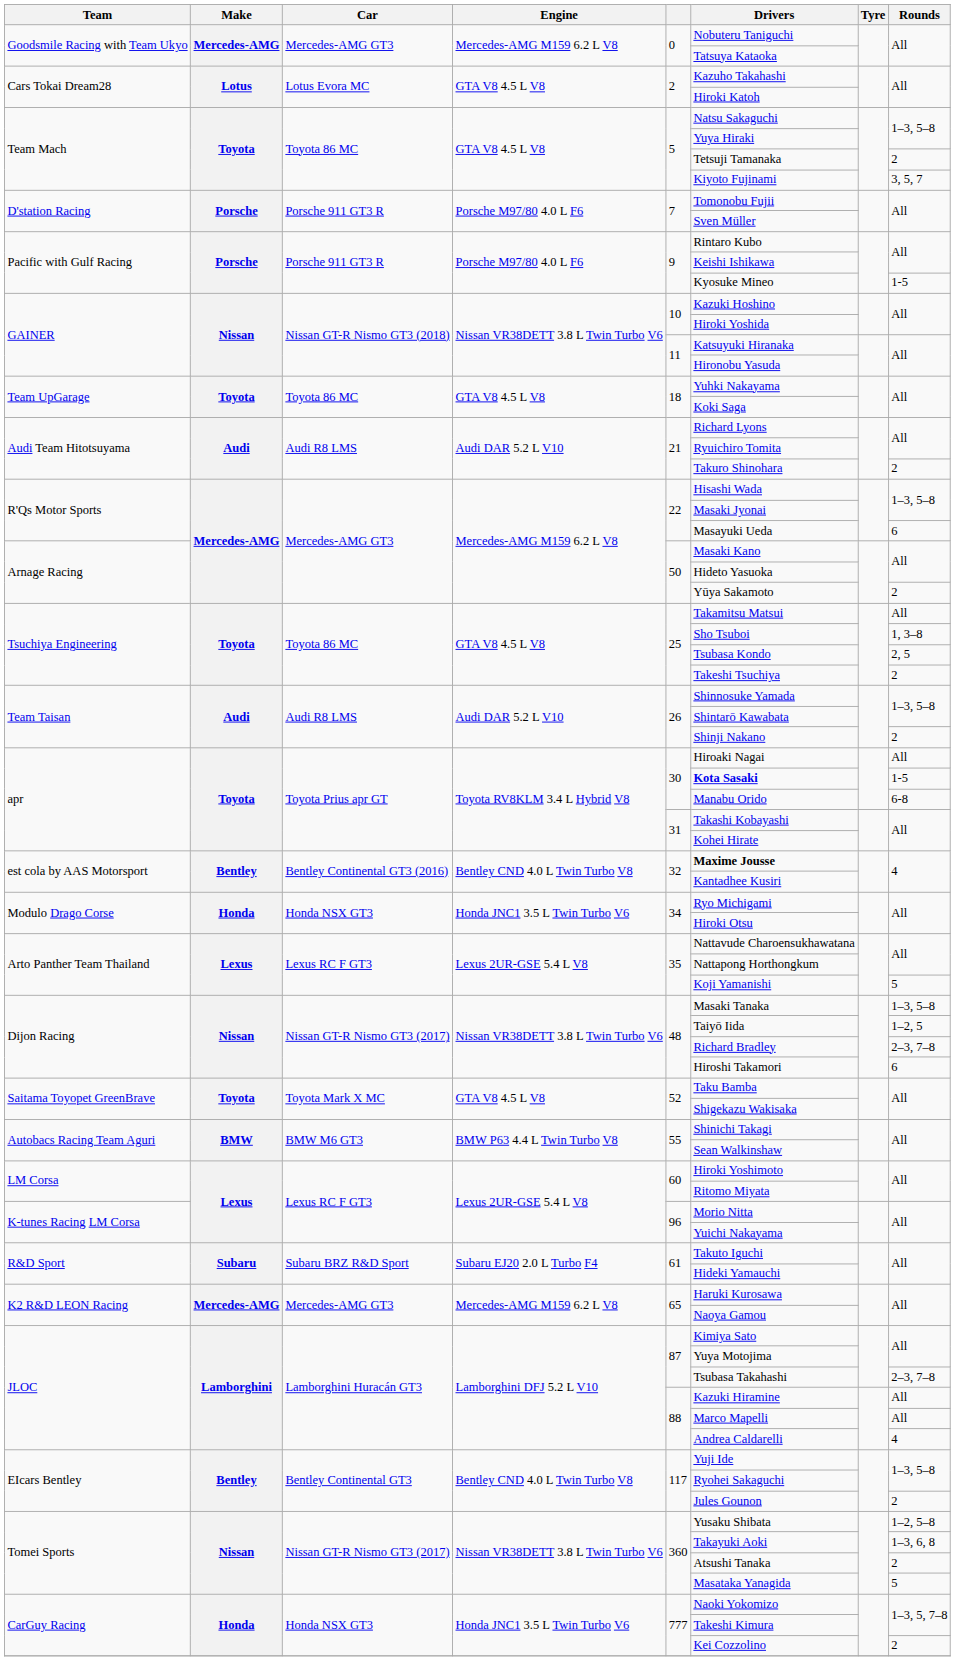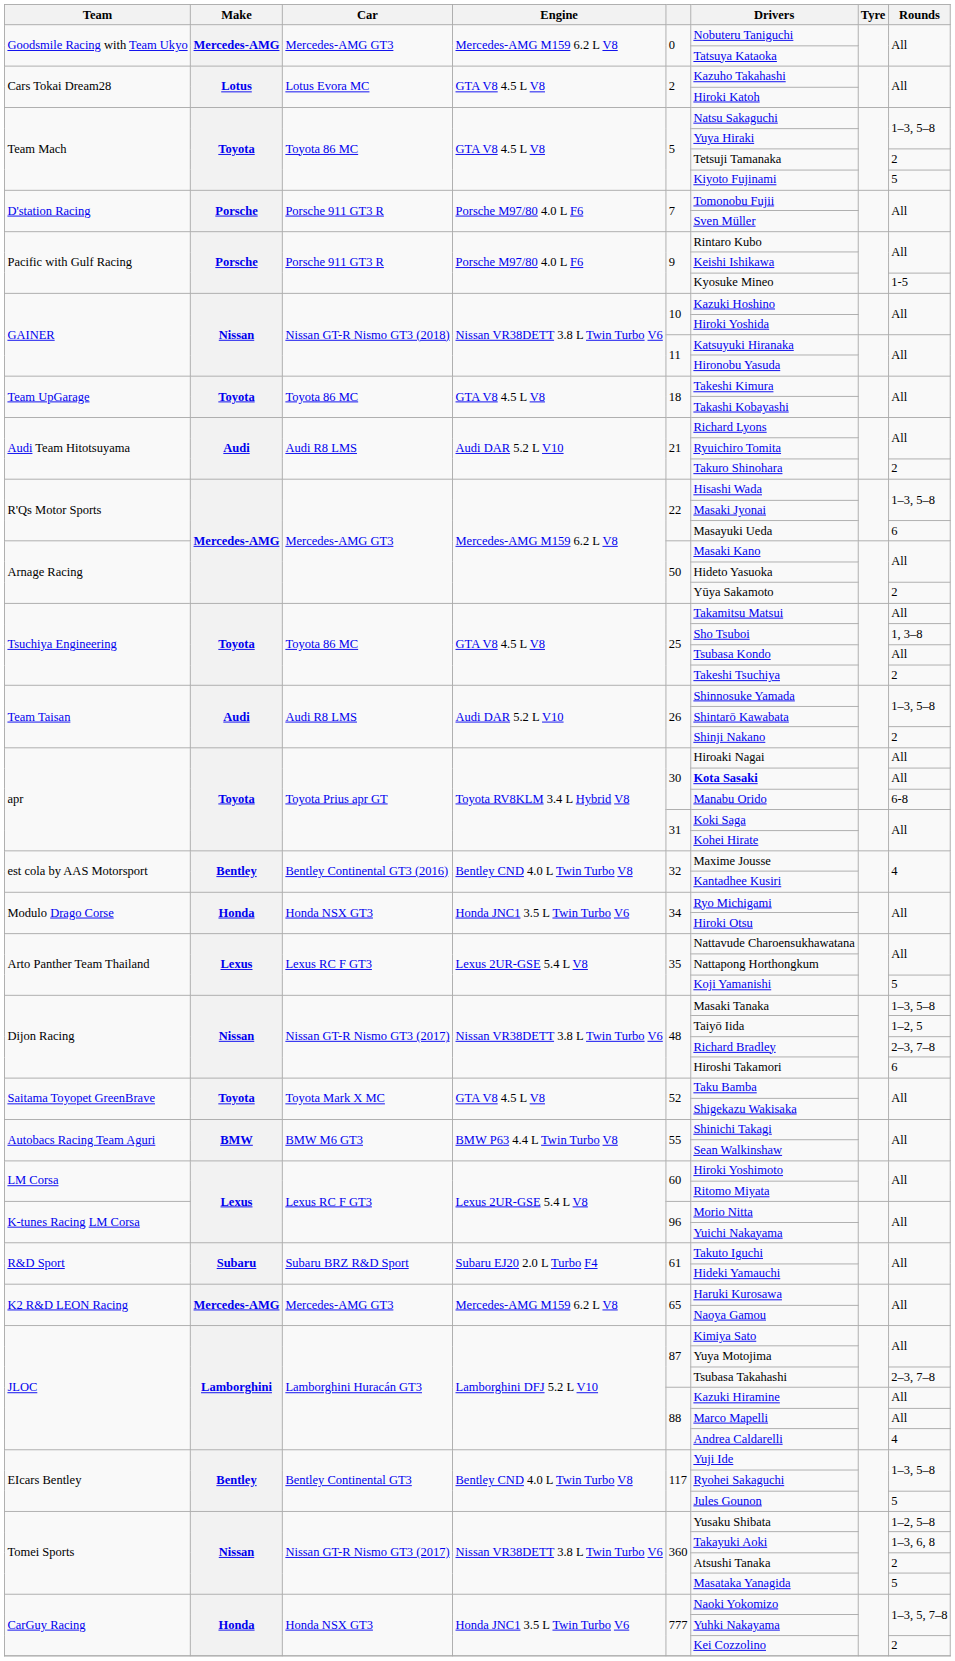 <table class="wikitable" style="font-size: 85%">
 <tr>
 <th>Team</th>
 <th>Make</th>
 <th>Car</th>
 <th>Engine</th>
 <th></th>
 <th>Drivers</th>
 <th>Tyre</th>
 <th>Rounds</th>
 </tr>
 <tr>
 <td rowspan="2"> <a href='#'>Goodsmile Racing</a> with <a href='#'>Team Ukyo</a></td>
 <th rowspan="2"><a href='#'>Mercedes-AMG</a></th>
 <td rowspan="2"><a href='#'>Mercedes-AMG GT3</a></td>
 <td rowspan="2"><a href='#'>Mercedes-AMG M159</a> 6.2 L <a href='#'>V8</a></td>
 <td rowspan="2">0</td>
 <td> <a href='#'>Nobuteru Taniguchi</a></td>
 <td rowspan="2" align=center></td>
 <td rowspan="2">All</td>
 </tr>
 <tr>
 <td> <a href='#'>Tatsuya Kataoka</a></td>
 </tr>
 <tr>
 <td rowspan="2"> Cars Tokai Dream28</td>
 <th rowspan="2"><a href='#'>Lotus</a></th>
 <td rowspan="2"><a href='#'>Lotus Evora MC</a></td>
 <td rowspan="2"><a href='#'>GTA V8</a> 4.5 L <a href='#'>V8</a></td>
 <td rowspan="2">2</td>
 <td> <a href='#'>Kazuho Takahashi</a></td>
 <td rowspan="2" align=center></td>
 <td rowspan="2">All</td>
 </tr>
 <tr>
 <td> <a href='#'>Hiroki Katoh</a></td>
 </tr>
 <tr>
 <td rowspan="4"> Team Mach</td>
 <th rowspan="4"><a href='#'>Toyota</a></th>
 <td rowspan="4"><a href='#'>Toyota 86 MC</a></td>
 <td rowspan="4"><a href='#'>GTA V8</a> 4.5 L <a href='#'>V8</a></td>
 <td rowspan="4">5</td>
 <td> <a href='#'>Natsu Sakaguchi</a></td>
 <td rowspan="4" align="center"></td>
 <td rowspan="2">1–3, 5–8</td>
 </tr>
 <tr>
 <td> <a href='#'>Yuya Hiraki</a></td>
 </tr>
 <tr>
 <td> Tetsuji Tamanaka</td>
 <td>2</td>
 </tr>
 <tr>
 <td> <a href='#'>Kiyoto Fujinami</a></td>
-<td>3, 5, 7</td>
+<td>5</td>
 </tr>
 <tr>
 <td rowspan="2"> <a href='#'>D'station Racing</a></td>
 <th rowspan="2"><a href='#'>Porsche</a></th>
 <td rowspan="2"><a href='#'>Porsche 911 GT3 R</a></td>
 <td rowspan="2"><a href='#'>Porsche M97/80</a> 4.0 L <a href='#'>F6</a></td>
 <td rowspan="2">7</td>
 <td> <a href='#'>Tomonobu Fujii</a></td>
 <td rowspan="2" align="center"></td>
 <td rowspan="2">All</td>
 </tr>
 <tr>
 <td> <a href='#'>Sven Müller</a></td>
 </tr>
 <tr>
 <td rowspan="3"> Pacific with Gulf Racing</td>
 <th rowspan="3"><a href='#'>Porsche</a></th>
 <td rowspan="3"><a href='#'>Porsche 911 GT3 R</a></td>
 <td rowspan="3"><a href='#'>Porsche M97/80</a> 4.0 L <a href='#'>F6</a></td>
 <td rowspan="3">9</td>
 <td> Rintaro Kubo</td>
 <td rowspan="3" align="center"></td>
 <td rowspan="2">All</td>
 </tr>
 <tr>
 <td> <a href='#'>Keishi Ishikawa</a></td>
 </tr>
 <tr>
 <td> Kyosuke Mineo</td>
 <td>1-5</td>
 </tr>
 <tr>
 <td rowspan="4"> <a href='#'>GAINER</a></td>
 <th rowspan="4"><a href='#'>Nissan</a></th>
 <td rowspan="4"><a href='#'>Nissan GT-R Nismo GT3 (2018)</a></td>
 <td rowspan="4"><a href='#'>Nissan VR38DETT</a> 3.8 L <a href='#'>Twin Turbo</a> <a href='#'>V6</a></td>
 <td rowspan="2">10</td>
 <td> <a href='#'>Kazuki Hoshino</a></td>
 <td rowspan="2" align=center></td>
 <td rowspan="2">All</td>
 </tr>
 <tr>
 <td> <a href='#'>Hiroki Yoshida</a></td>
 </tr>
 <tr>
 <td rowspan="2">11</td>
 <td> <a href='#'>Katsuyuki Hiranaka</a></td>
 <td rowspan=2 align=center></td>
 <td rowspan="2">All</td>
 </tr>
 <tr>
 <td> <a href='#'>Hironobu Yasuda</a></td>
 </tr>
 <tr>
 <td rowspan="2"> <a href='#'>Team UpGarage</a></td>
 <th rowspan="2"><a href='#'>Toyota</a></th>
 <td rowspan="2"><a href='#'>Toyota 86 MC</a></td>
 <td rowspan="2"><a href='#'>GTA V8</a> 4.5 L <a href='#'>V8</a></td>
 <td rowspan="2">18</td>
-<td> <a href='#'>Yuhki Nakayama</a></td>
+<td> <a href='#'>Takeshi Kimura</a></td>
 <td rowspan="2" align="center"></td>
 <td rowspan="2">All</td>
 </tr>
 <tr>
-<td> <a href='#'>Koki Saga</a></td>
+<td> <a href='#'>Takashi Kobayashi</a></td>
 </tr>
 <tr>
 <td rowspan="3"> <a href='#'>Audi</a> Team Hitotsuyama</td>
 <th rowspan="3"><a href='#'>Audi</a></th>
 <td rowspan="3"><a href='#'>Audi R8 LMS</a></td>
 <td rowspan="3"><a href='#'>Audi DAR</a> 5.2 L <a href='#'>V10</a></td>
 <td rowspan="3">21</td>
 <td> <a href='#'>Richard Lyons</a></td>
 <td rowspan="3" align="center"></td>
 <td rowspan="2">All</td>
 </tr>
 <tr>
 <td> <a href='#'>Ryuichiro Tomita</a></td>
 </tr>
 <tr>
 <td> <a href='#'>Takuro Shinohara</a></td>
 <td>2</td>
 </tr>
 <tr>
 <td rowspan="3"> R'Qs Motor Sports</td>
 <th rowspan="6"><a href='#'>Mercedes-AMG</a></th>
 <td rowspan="6"><a href='#'>Mercedes-AMG GT3</a></td>
 <td rowspan="6"><a href='#'>Mercedes-AMG M159</a> 6.2 L <a href='#'>V8</a></td>
 <td rowspan="3">22</td>
 <td> <a href='#'>Hisashi Wada</a></td>
 <td rowspan="3" align="center"></td>
 <td rowspan="2">1–3, 5–8</td>
 </tr>
 <tr>
 <td> <a href='#'>Masaki Jyonai</a></td>
 </tr>
 <tr>
 <td> Masayuki Ueda</td>
 <td>6</td>
 </tr>
 <tr>
 <td rowspan="3"> Arnage Racing</td>
 <td rowspan="3">50</td>
 <td> <a href='#'>Masaki Kano</a></td>
 <td rowspan="3" align="center"></td>
 <td rowspan="2">All</td>
 </tr>
 <tr>
 <td> Hideto Yasuoka</td>
 </tr>
 <tr>
 <td> Yūya Sakamoto</td>
 <td>2</td>
 </tr>
 <tr>
 <td rowspan="4"> <a href='#'>Tsuchiya Engineering</a></td>
 <th rowspan="4"><a href='#'>Toyota</a></th>
 <td rowspan="4"><a href='#'>Toyota 86 MC</a></td>
 <td rowspan="4"><a href='#'>GTA V8</a> 4.5 L <a href='#'>V8</a></td>
 <td rowspan="4">25</td>
 <td> <a href='#'>Takamitsu Matsui</a></td>
 <td rowspan="4" align="center"></td>
 <td>All</td>
 </tr>
 <tr>
 <td> <a href='#'>Sho Tsuboi</a></td>
 <td>1, 3–8</td>
 </tr>
 <tr>
 <td> <a href='#'>Tsubasa Kondo</a></td>
-<td>2, 5</td>
+<td>All</td>
 </tr>
 <tr>
 <td> <a href='#'>Takeshi Tsuchiya</a></td>
 <td>2</td>
 </tr>
 <tr>
 <td rowspan="3"> <a href='#'>Team Taisan</a></td>
 <th rowspan="3"><a href='#'>Audi</a></th>
 <td rowspan="3"><a href='#'>Audi R8 LMS</a></td>
 <td rowspan="3"><a href='#'>Audi DAR</a> 5.2 L <a href='#'>V10</a></td>
 <td rowspan="3">26</td>
 <td> <a href='#'>Shinnosuke Yamada</a></td>
 <td rowspan="3" align="center"></td>
 <td rowspan="2">1–3, 5–8</td>
 </tr>
 <tr>
 <td> <a href='#'>Shintarō Kawabata</a></td>
 </tr>
 <tr>
 <td> <a href='#'>Shinji Nakano</a></td>
 <td>2</td>
 </tr>
 <tr>
 <td rowspan="5"> apr</td>
 <th rowspan="5"><a href='#'>Toyota</a></th>
 <td rowspan="5"><a href='#'>Toyota Prius apr GT</a></td>
 <td rowspan="5"><a href='#'>Toyota RV8KLM</a> 3.4 L <a href='#'>Hybrid</a> <a href='#'>V8</a></td>
 <td rowspan="3">30</td>
 <td> Hiroaki Nagai</td>
 <td rowspan="3" align="center"></td>
 <td>All</td>
 </tr>
 <tr>
 <td><strong> <a href='#'>Kota Sasaki</a></strong></td>
-<td>1-5</td>
+<td>All</td>
 </tr>
 <tr>
 <td> <a href='#'>Manabu Orido</a></td>
 <td>6-8</td>
 </tr>
 <tr>
 <td rowspan=2>31</td>
-<td> <a href='#'>Takashi Kobayashi</a></td>
+<td> <a href='#'>Koki Saga</a></td>
 <td rowspan=2 align=center></td>
 <td rowspan="2">All</td>
 </tr>
 <tr>
 <td> <a href='#'>Kohei Hirate</a></td>
 </tr>
 <tr>
 <td rowspan=2> est cola by AAS Motorsport</td>
 <th rowspan="2"><a href='#'>Bentley</a></th>
 <td rowspan="2"><a href='#'>Bentley Continental GT3 (2016)</a></td>
 <td rowspan="2"><a href='#'>Bentley CND</a> 4.0 L <a href='#'>Twin Turbo</a> <a href='#'>V8</a></td>
 <td rowspan=2>32</td>
-<td><strong> Maxime Jousse</strong></td>
+<td> Maxime Jousse</td>
 <td rowspan=2 align=center></td>
 <td rowspan="2">4</td>
 </tr>
 <tr>
 <td> <a href='#'>Kantadhee Kusiri</a></td>
 </tr>
 <tr>
 <td rowspan=2> Modulo <a href='#'>Drago Corse</a></td>
 <th rowspan=2><a href='#'>Honda</a></th>
 <td rowspan=2><a href='#'>Honda NSX GT3</a></td>
 <td rowspan=2><a href='#'>Honda JNC1</a> 3.5 L <a href='#'>Twin Turbo</a> <a href='#'>V6</a></td>
 <td rowspan=2>34</td>
 <td> <a href='#'>Ryo Michigami</a></td>
 <td rowspan=2 align=center></td>
 <td rowspan="2">All</td>
 </tr>
 <tr>
 <td> <a href='#'>Hiroki Otsu</a></td>
 </tr>
 <tr>
 <td rowspan="3"> Arto Panther Team Thailand</td>
 <th rowspan="3"><a href='#'>Lexus</a></th>
 <td rowspan="3"><a href='#'>Lexus RC F GT3</a></td>
 <td rowspan="3"><a href='#'>Lexus 2UR-GSE</a> 5.4 L <a href='#'>V8</a></td>
 <td rowspan="3">35</td>
 <td> Nattavude Charoensukhawatana</td>
 <td rowspan="3" align="center"></td>
 <td rowspan="2">All</td>
 </tr>
 <tr>
 <td> Nattapong Horthongkum</td>
 </tr>
 <tr>
 <td> <a href='#'>Koji Yamanishi</a></td>
 <td>5</td>
 </tr>
 <tr>
 <td rowspan="4"> Dijon Racing</td>
 <th rowspan="4"><a href='#'>Nissan</a></th>
 <td rowspan="4"><a href='#'>Nissan GT-R Nismo GT3 (2017)</a></td>
 <td rowspan="4"><a href='#'>Nissan VR38DETT</a> 3.8 L <a href='#'>Twin Turbo</a> <a href='#'>V6</a></td>
 <td rowspan="4">48</td>
 <td> Masaki Tanaka</td>
 <td rowspan="4" align="center"></td>
 <td>1–3, 5–8</td>
 </tr>
 <tr>
 <td> Taiyō Iida</td>
 <td>1–2, 5</td>
 </tr>
 <tr>
 <td> <a href='#'>Richard Bradley</a></td>
 <td>2–3, 7–8</td>
 </tr>
 <tr>
 <td> Hiroshi Takamori</td>
 <td>6</td>
 </tr>
 <tr>
 <td rowspan="2"> <a href='#'>Saitama Toyopet GreenBrave</a></td>
 <th rowspan="2"><a href='#'>Toyota</a></th>
 <td rowspan="2"><a href='#'>Toyota Mark X MC</a></td>
 <td rowspan="2"><a href='#'>GTA V8</a> 4.5 L <a href='#'>V8</a></td>
 <td rowspan="2">52</td>
 <td> <a href='#'>Taku Bamba</a></td>
 <td rowspan="2" align="center"></td>
 <td rowspan="2">All</td>
 </tr>
 <tr>
 <td> <a href='#'>Shigekazu Wakisaka</a></td>
 </tr>
 <tr>
 <td rowspan="2"> <a href='#'>Autobacs Racing Team Aguri</a></td>
 <th rowspan="2"><a href='#'>BMW</a></th>
 <td rowspan="2"><a href='#'>BMW M6 GT3</a></td>
 <td rowspan="2"><a href='#'>BMW P63</a> 4.4 L <a href='#'>Twin Turbo</a> <a href='#'>V8</a></td>
 <td rowspan="2">55</td>
 <td> <a href='#'>Shinichi Takagi</a></td>
 <td rowspan="2" align="center"></td>
 <td rowspan="2">All</td>
 </tr>
 <tr>
 <td> <a href='#'>Sean Walkinshaw</a></td>
 </tr>
 <tr>
 <td rowspan=2> <a href='#'>LM Corsa</a></td>
 <th rowspan="4"><a href='#'>Lexus</a></th>
 <td rowspan="4"><a href='#'>Lexus RC F GT3</a></td>
 <td rowspan="4"><a href='#'>Lexus 2UR-GSE</a> 5.4 L <a href='#'>V8</a></td>
 <td rowspan="2">60</td>
 <td> <a href='#'>Hiroki Yoshimoto</a></td>
 <td rowspan="2" align=center></td>
 <td rowspan="2">All</td>
 </tr>
 <tr>
 <td> <a href='#'>Ritomo Miyata</a></td>
 </tr>
 <tr>
 <td rowspan=2>  <a href='#'>K-tunes Racing</a> <a href='#'>LM Corsa</a></td>
 <td rowspan="2">96</td>
 <td> <a href='#'>Morio Nitta</a></td>
 <td rowspan="2" align=center></td>
 <td rowspan="2">All</td>
 </tr>
 <tr>
 <td> <a href='#'>Yuichi Nakayama</a></td>
 </tr>
 <tr>
 <td rowspan=2> <a href='#'>R&D Sport</a></td>
 <th rowspan=2><a href='#'>Subaru</a></th>
 <td rowspan=2><a href='#'>Subaru BRZ R&D Sport</a></td>
 <td rowspan=2><a href='#'>Subaru EJ20</a> 2.0 L <a href='#'>Turbo</a> <a href='#'>F4</a></td>
 <td rowspan=2>61</td>
 <td> <a href='#'>Takuto Iguchi</a></td>
 <td rowspan=2 align=center></td>
 <td rowspan="2">All</td>
 </tr>
 <tr>
 <td> <a href='#'>Hideki Yamauchi</a></td>
 </tr>
 <tr>
 <td rowspan="2"> <a href='#'>K2 R&D LEON Racing</a></td>
 <th rowspan="2"><a href='#'>Mercedes-AMG</a></th>
 <td rowspan="2"><a href='#'>Mercedes-AMG GT3</a></td>
 <td rowspan="2"><a href='#'>Mercedes-AMG M159</a> 6.2 L <a href='#'>V8</a></td>
 <td rowspan="2">65</td>
 <td> <a href='#'>Haruki Kurosawa</a></td>
 <td rowspan="2" align="center"></td>
 <td rowspan="2">All</td>
 </tr>
 <tr>
 <td> <a href='#'>Naoya Gamou</a></td>
 </tr>
 <tr>
 <td rowspan="6"> <a href='#'>JLOC</a></td>
 <th rowspan="6"><a href='#'>Lamborghini</a></th>
 <td rowspan="6"><a href='#'>Lamborghini Huracán GT3</a></td>
 <td rowspan="6"><a href='#'>Lamborghini DFJ</a> 5.2 L <a href='#'>V10</a></td>
 <td rowspan="3">87</td>
 <td> <a href='#'>Kimiya Sato</a></td>
 <td rowspan="3" align="center"></td>
 <td rowspan="2">All</td>
 </tr>
 <tr>
 <td> Yuya Motojima</td>
 </tr>
 <tr>
 <td> Tsubasa Takahashi</td>
 <td>2–3, 7–8</td>
 </tr>
 <tr>
 <td rowspan="3">88</td>
 <td> <a href='#'>Kazuki Hiramine</a></td>
 <td rowspan="3" align="center"></td>
 <td>All</td>
 </tr>
 <tr>
 <td> <a href='#'>Marco Mapelli</a></td>
 <td>All</td>
 </tr>
 <tr>
 <td> <a href='#'>Andrea Caldarelli</a></td>
 <td>4</td>
 </tr>
 <tr>
 <td rowspan="3"> EIcars Bentley</td>
 <th rowspan="3"><a href='#'>Bentley</a></th>
 <td rowspan="3"><a href='#'>Bentley Continental GT3</a></td>
 <td rowspan="3"><a href='#'>Bentley CND</a> 4.0 L <a href='#'>Twin Turbo</a> <a href='#'>V8</a></td>
 <td rowspan="3">117</td>
 <td> <a href='#'>Yuji Ide</a></td>
 <td rowspan="3" align="center"></td>
 <td rowspan="2">1–3, 5–8</td>
 </tr>
 <tr>
 <td> <a href='#'>Ryohei Sakaguchi</a></td>
 </tr>
 <tr>
 <td> <a href='#'>Jules Gounon</a></td>
-<td>2</td>
+<td>5</td>
 </tr>
 <tr>
 <td rowspan="4"> Tomei Sports</td>
 <th rowspan="4"><a href='#'>Nissan</a></th>
 <td rowspan="4"><a href='#'>Nissan GT-R Nismo GT3 (2017)</a></td>
 <td rowspan="4"><a href='#'>Nissan VR38DETT</a> 3.8 L <a href='#'>Twin Turbo</a> <a href='#'>V6</a></td>
 <td rowspan="4">360</td>
 <td> Yusaku Shibata</td>
 <td rowspan="4" align="center"></td>
 <td>1–2, 5–8</td>
 </tr>
 <tr>
 <td> <a href='#'>Takayuki Aoki</a></td>
 <td>1–3, 6, 8</td>
 </tr>
 <tr>
 <td> Atsushi Tanaka</td>
 <td>2</td>
 </tr>
 <tr>
 <td> <a href='#'>Masataka Yanagida</a></td>
 <td>5</td>
 </tr>
 <tr>
 <td rowspan="3"> <a href='#'>CarGuy Racing</a></td>
 <th rowspan="3"><a href='#'>Honda</a></th>
 <td rowspan="3"><a href='#'>Honda NSX GT3</a></td>
 <td rowspan="3"><a href='#'>Honda JNC1</a> 3.5 L <a href='#'>Twin Turbo</a> <a href='#'>V6</a></td>
 <td rowspan="3">777</td>
 <td> <a href='#'>Naoki Yokomizo</a></td>
 <td rowspan="3" align="center"></td>
 <td rowspan="2">1–3, 5, 7–8</td>
 </tr>
 <tr>
-<td> <a href='#'>Takeshi Kimura</a></td>
+<td> <a href='#'>Yuhki Nakayama</a></td>
 </tr>
 <tr>
 <td> <a href='#'>Kei Cozzolino</a></td>
 <td>2</td>
 </tr>
 <tr>
 </tr>
 </table>
